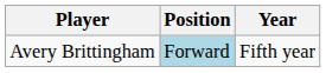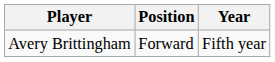 <table class="wikitable" border="1">
 <tr align=center>
 <th style= >Player</th>
 <th style= >Position</th>
 <th style= >Year</th>
 </tr>
 <tr>
 <td>Avery Brittingham</td>
-<td style="background: lightblue;">Forward</td>
+<td>Forward</td>
 <td>Fifth year</td>
 </tr>
 <tr>
 </tr>
 </table>
